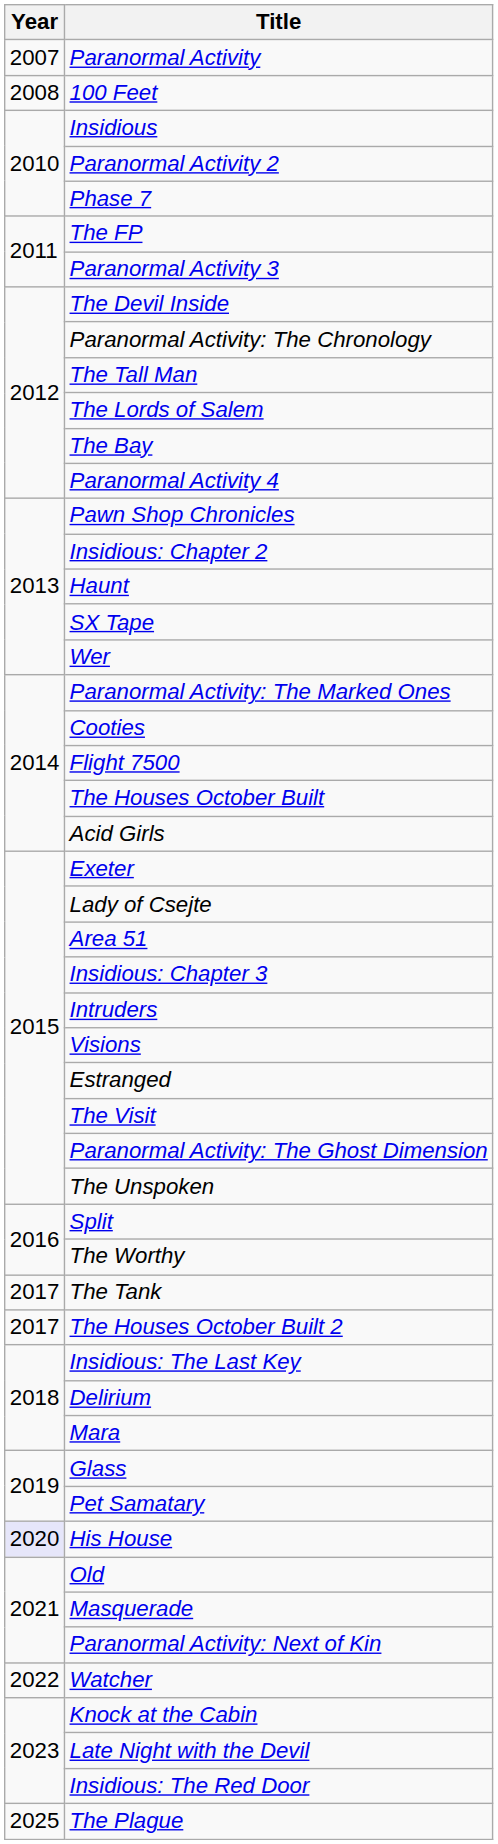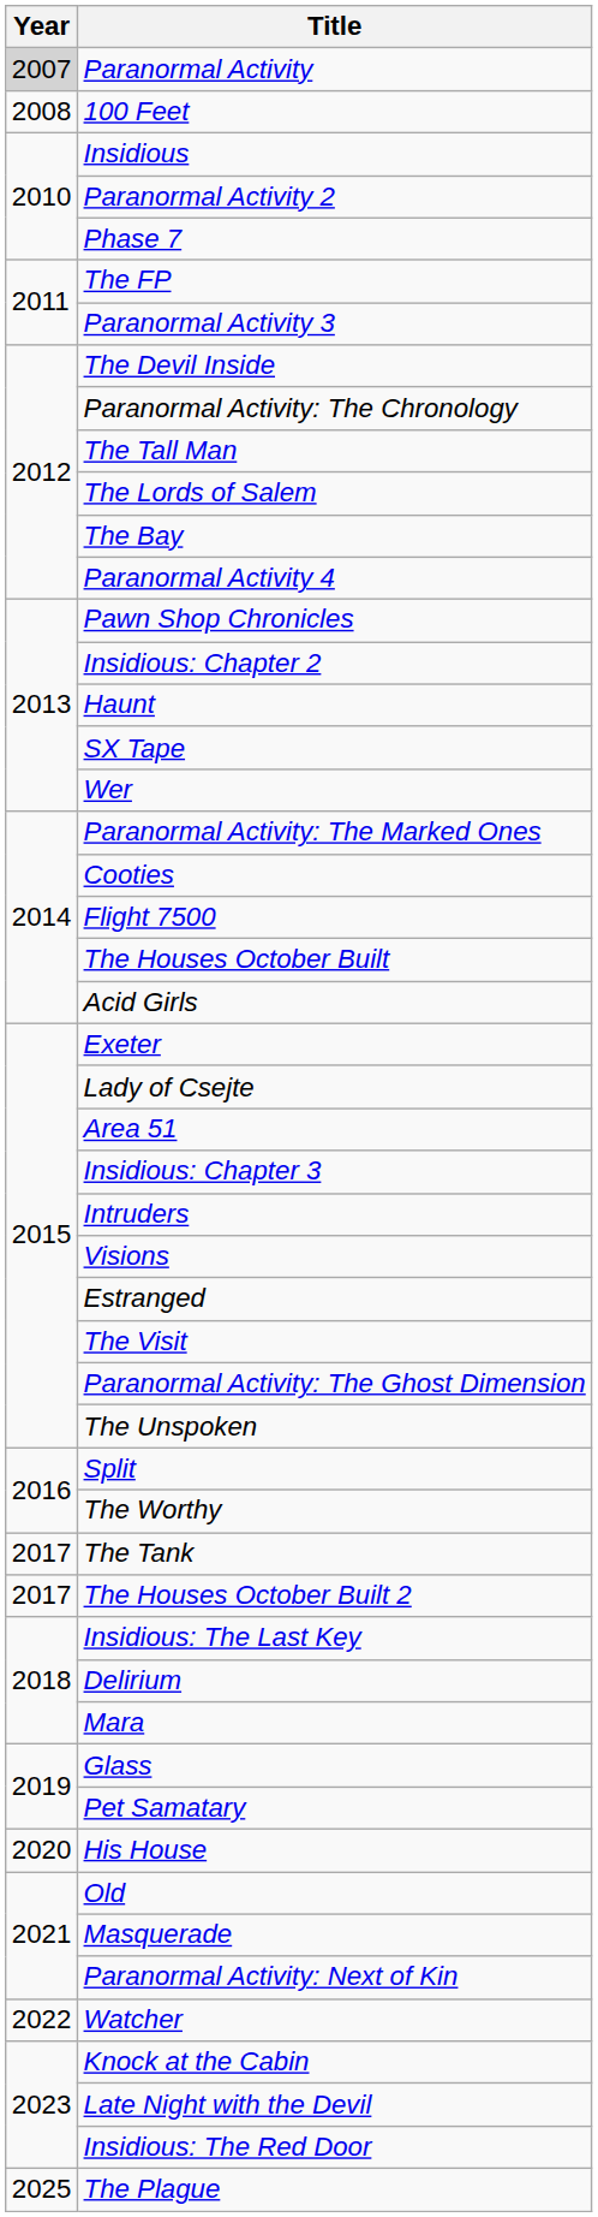 <table class="wikitable">
 <tr>
 <th>Year</th>
 <th>Title</th>
 </tr>
 <tr>
-<td>2007</td>
+<td style="background: lightgrey;">2007</td>
 <td><em><a href='#'>Paranormal Activity</a></em></td>
 </tr>
 <tr>
 <td>2008</td>
 <td><em><a href='#'>100 Feet</a></em></td>
 </tr>
 <tr>
 <td rowspan="3">2010</td>
 <td><a href='#'><em>Insidious</em></a></td>
 </tr>
 <tr>
 <td><em><a href='#'>Paranormal Activity 2</a></em></td>
 </tr>
 <tr>
 <td><em><a href='#'>Phase 7</a></em></td>
 </tr>
 <tr>
 <td rowspan="2">2011</td>
 <td><em><a href='#'>The FP</a></em></td>
 </tr>
 <tr>
 <td><em><a href='#'>Paranormal Activity 3</a></em></td>
 </tr>
 <tr>
 <td rowspan="6">2012</td>
 <td><a href='#'><em>The Devil Inside</em></a></td>
 </tr>
 <tr>
 <td><em>Paranormal Activity: The Chronology</em></td>
 </tr>
 <tr>
 <td><a href='#'><em>The Tall Man</em></a></td>
 </tr>
 <tr>
 <td><a href='#'><em>The Lords of Salem</em></a></td>
 </tr>
 <tr>
 <td><a href='#'><em>The Bay</em></a></td>
 </tr>
 <tr>
 <td><em><a href='#'>Paranormal Activity 4</a></em></td>
 </tr>
 <tr>
 <td rowspan="5">2013</td>
 <td><em><a href='#'>Pawn Shop Chronicles</a></em></td>
 </tr>
 <tr>
 <td><em><a href='#'>Insidious: Chapter 2</a></em></td>
 </tr>
 <tr>
 <td><a href='#'><em>Haunt</em></a></td>
 </tr>
 <tr>
 <td><a href='#'><em>SX Tape</em></a></td>
 </tr>
 <tr>
 <td><a href='#'><em>Wer</em></a></td>
 </tr>
 <tr>
 <td rowspan="5">2014</td>
 <td><em><a href='#'>Paranormal Activity: The Marked Ones</a></em></td>
 </tr>
 <tr>
 <td><a href='#'><em>Cooties</em></a></td>
 </tr>
 <tr>
 <td><em><a href='#'>Flight 7500</a></em></td>
 </tr>
 <tr>
 <td><em><a href='#'>The Houses October Built</a></em></td>
 </tr>
 <tr>
 <td><em>Acid Girls</em></td>
 </tr>
 <tr>
 <td rowspan="10">2015</td>
 <td><a href='#'><em>Exeter</em></a></td>
 </tr>
 <tr>
 <td><em>Lady of Csejte</em></td>
 </tr>
 <tr>
 <td><a href='#'><em>Area 51</em></a></td>
 </tr>
 <tr>
 <td><em><a href='#'>Insidious: Chapter 3</a></em></td>
 </tr>
 <tr>
 <td><a href='#'><em>Intruders</em></a></td>
 </tr>
 <tr>
 <td><a href='#'><em>Visions</em></a></td>
 </tr>
 <tr>
 <td><em>Estranged</em></td>
 </tr>
 <tr>
 <td><a href='#'><em>The Visit</em></a></td>
 </tr>
 <tr>
 <td><em><a href='#'>Paranormal Activity: The Ghost Dimension</a></em></td>
 </tr>
 <tr>
 <td><em>The Unspoken</em></td>
 </tr>
 <tr>
 <td rowspan="2">2016</td>
 <td><a href='#'><em>Split</em></a></td>
 </tr>
 <tr>
 <td><em>The Worthy</em></td>
 </tr>
 <tr>
 <td>2017</td>
 <td><em>The Tank</em></td>
 </tr>
 <tr>
 <td>2017</td>
 <td><em><a href='#'>The Houses October Built 2</a></em></td>
 </tr>
 <tr>
 <td rowspan="3">2018</td>
 <td><em><a href='#'>Insidious: The Last Key</a></em></td>
 </tr>
 <tr>
 <td><a href='#'><em>Delirium</em></a></td>
 </tr>
 <tr>
 <td><a href='#'><em>Mara</em></a></td>
 </tr>
 <tr>
 <td rowspan="2">2019</td>
 <td><a href='#'><em>Glass</em></a></td>
 </tr>
 <tr>
 <td><a href='#'><em>Pet Samatary</em></a></td>
 </tr>
 <tr>
-<td style="background: lavender;">2020</td>
+<td>2020</td>
 <td><em><a href='#'>His House</a></em></td>
 </tr>
 <tr>
 <td rowspan="3">2021</td>
 <td><a href='#'><em>Old</em></a></td>
 </tr>
 <tr>
 <td><a href='#'><em>Masquerade</em></a></td>
 </tr>
 <tr>
 <td><em><a href='#'>Paranormal Activity: Next of Kin</a></em></td>
 </tr>
 <tr>
 <td>2022</td>
 <td><a href='#'><em>Watcher</em></a></td>
 </tr>
 <tr>
 <td rowspan="3">2023</td>
 <td><em><a href='#'>Knock at the Cabin</a></em></td>
 </tr>
 <tr>
 <td><em><a href='#'>Late Night with the Devil</a></em></td>
 </tr>
 <tr>
 <td><em><a href='#'>Insidious: The Red Door</a></em></td>
 </tr>
 <tr>
 <td>2025</td>
 <td><em><a href='#'>The Plague</a></em></td>
 </tr>
 </table>
